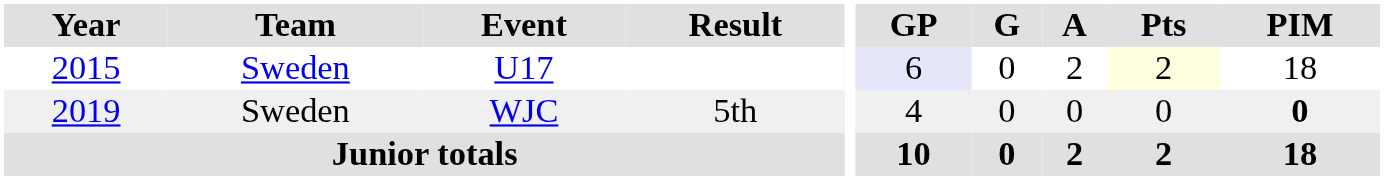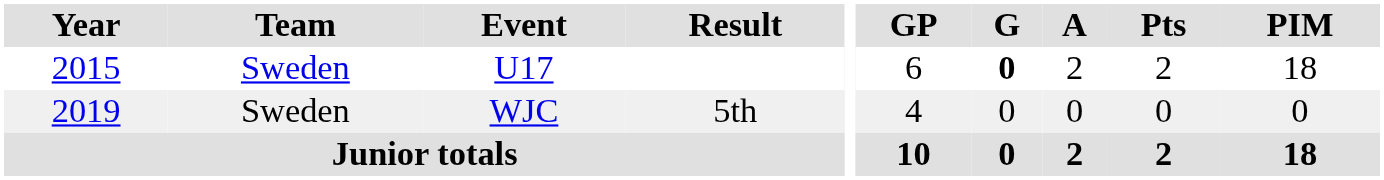 <table border="0" cellpadding="1" cellspacing="0" ID="Table3" style="text-align:center; width:40em">
 <tr ALIGN="center" bgcolor="#e0e0e0">
 <th>Year</th>
 <th>Team</th>
 <th>Event</th>
 <th>Result</th>
 <th rowspan="99" bgcolor="#ffffff"></th>
 <th>GP</th>
 <th>G</th>
 <th>A</th>
 <th>Pts</th>
 <th>PIM</th>
 </tr>
 <tr>
 <td><a href='#'>2015</a></td>
 <td><a href='#'>Sweden</a></td>
 <td><a href='#'>U17</a></td>
 <td></td>
-<td style="background: lavender;">6</td>
-<td>0</td>
+<td>6</td>
+<td><strong>0</strong></td>
 <td>2</td>
-<td style="background: lightyellow;">2</td>
+<td>2</td>
 <td>18</td>
 </tr>
 <tr bgcolor="#f0f0f0">
 <td><a href='#'>2019</a></td>
 <td>Sweden</td>
 <td><a href='#'>WJC</a></td>
 <td>5th</td>
 <td>4</td>
 <td>0</td>
 <td>0</td>
 <td>0</td>
-<td><strong>0</strong></td>
+<td>0</td>
 </tr>
 <tr bgcolor="#e0e0e0">
 <th colspan="4">Junior totals</th>
 <th>10</th>
 <th>0</th>
 <th>2</th>
 <th>2</th>
 <th>18</th>
 </tr>
 </table>
